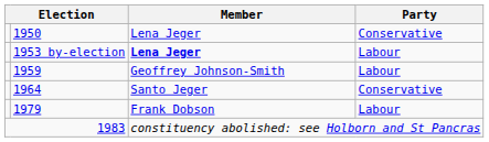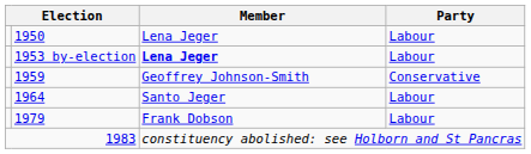 <table class="wikitable">
 <tr>
 <th colspan="2">Election</th>
 <th>Member</th>
 <th>Party</th>
 </tr>
 <tr>
 <td style="color:inherit;background-color: "></td>
 <td><a href='#'>1950</a></td>
 <td><a href='#'>Lena Jeger</a></td>
-<td><a href='#'>Conservative</a></td>
+<td><a href='#'>Labour</a></td>
 </tr>
 <tr>
 <td style="color:inherit;background-color: "></td>
 <td><a href='#'>1953 by-election</a></td>
 <td><strong><a href='#'>Lena Jeger</a></strong></td>
 <td><a href='#'>Labour</a></td>
 </tr>
 <tr>
 <td style="color:inherit;background-color: "></td>
 <td><a href='#'>1959</a></td>
 <td><a href='#'>Geoffrey Johnson-Smith</a></td>
-<td><a href='#'>Labour</a></td>
+<td><a href='#'>Conservative</a></td>
 </tr>
 <tr>
 <td style="color:inherit;background-color: "></td>
 <td><a href='#'>1964</a></td>
 <td><a href='#'>Santo Jeger</a></td>
-<td><a href='#'>Conservative</a></td>
+<td><a href='#'>Labour</a></td>
 </tr>
 <tr>
 <td style="color:inherit;background-color: "></td>
 <td><a href='#'>1979</a></td>
 <td><a href='#'>Frank Dobson</a></td>
 <td><a href='#'>Labour</a></td>
 </tr>
 <tr>
 <td colspan="2" align="right"><a href='#'>1983</a></td>
 <td colspan="2"><em>constituency abolished: see <a href='#'>Holborn and St Pancras</a></em></td>
 </tr>
 </table>
